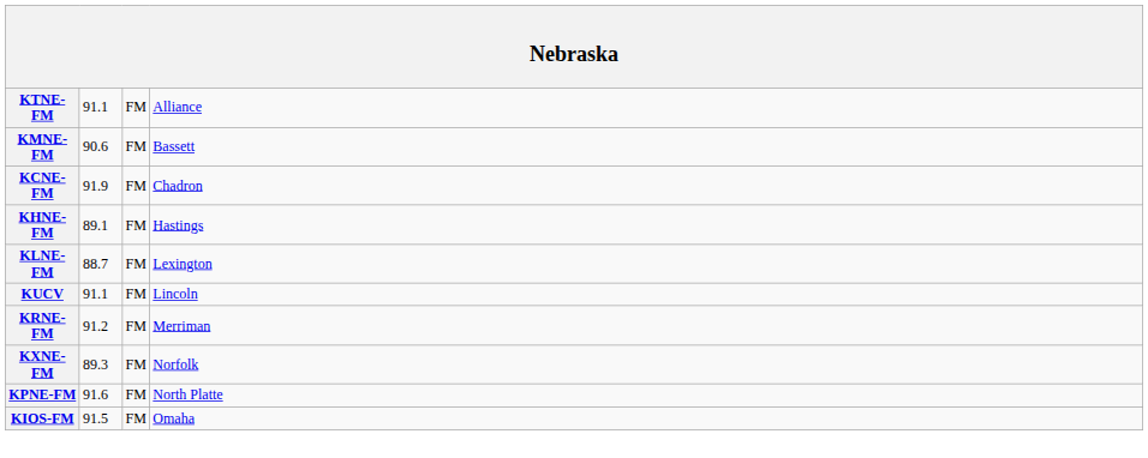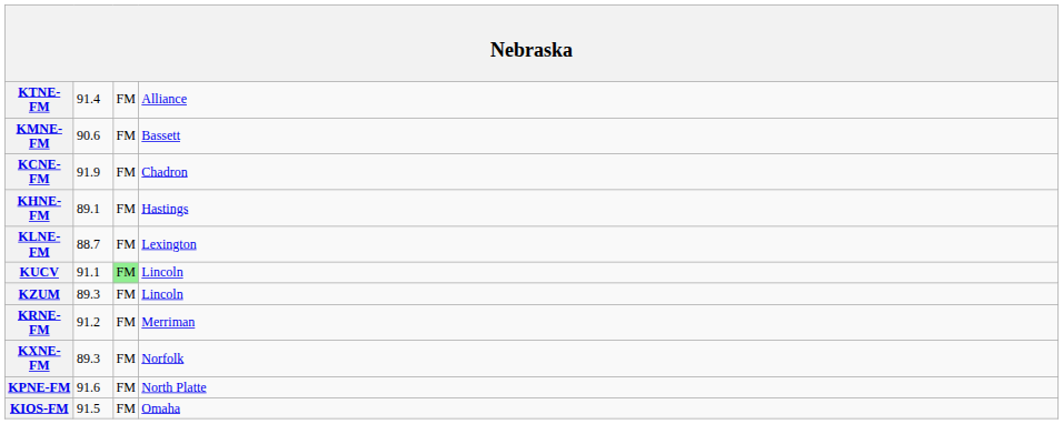 <table class="wikitable mw-collapsible" style="width:100%">
 <tr>
 <th scope="col" colspan="4"><br><h2>Nebraska</h2></th>
 </tr>
 <tr>
 <th scope="row" style="width: 75px;"><a href='#'>KTNE-FM</a></th>
-<td style="width: 40px;">91.1</td>
+<td style="width: 40px;">91.4</td>
 <td style="width: 21px;">FM</td>
 <td><a href='#'>Alliance</a></td>
 </tr>
 <tr>
 <th scope="row"><a href='#'>KMNE-FM</a></th>
 <td>90.6</td>
 <td>FM</td>
 <td><a href='#'>Bassett</a></td>
 </tr>
 <tr>
 <th scope="row"><a href='#'>KCNE-FM</a></th>
 <td>91.9</td>
 <td>FM</td>
 <td><a href='#'>Chadron</a></td>
 </tr>
 <tr>
 <th scope="row"><a href='#'>KHNE-FM</a></th>
 <td>89.1</td>
 <td>FM</td>
 <td><a href='#'>Hastings</a></td>
 </tr>
 <tr>
 <th scope="row"><a href='#'>KLNE-FM</a></th>
 <td>88.7</td>
 <td>FM</td>
 <td><a href='#'>Lexington</a></td>
 </tr>
 <tr>
 <th scope="row"><a href='#'>KUCV</a></th>
 <td>91.1</td>
+<td style="background: lightgreen;">FM</td>
+<td><a href='#'>Lincoln</a></td>
+</tr>
+<tr>
+<th scope="row"><a href='#'>KZUM</a></th>
+<td>89.3</td>
 <td>FM</td>
 <td><a href='#'>Lincoln</a></td>
 </tr>
 <tr>
 <th scope="row"><a href='#'>KRNE-FM</a></th>
 <td>91.2</td>
 <td>FM</td>
 <td><a href='#'>Merriman</a></td>
 </tr>
 <tr>
 <th scope="row"><a href='#'>KXNE-FM</a></th>
 <td>89.3</td>
 <td>FM</td>
 <td><a href='#'>Norfolk</a></td>
 </tr>
 <tr>
 <th scope="row"><a href='#'>KPNE-FM</a></th>
 <td>91.6</td>
 <td>FM</td>
 <td><a href='#'>North Platte</a></td>
 </tr>
 <tr>
 <th scope="row"><a href='#'>KIOS-FM</a></th>
 <td>91.5</td>
 <td>FM</td>
 <td><a href='#'>Omaha</a></td>
 </tr>
 </table>
